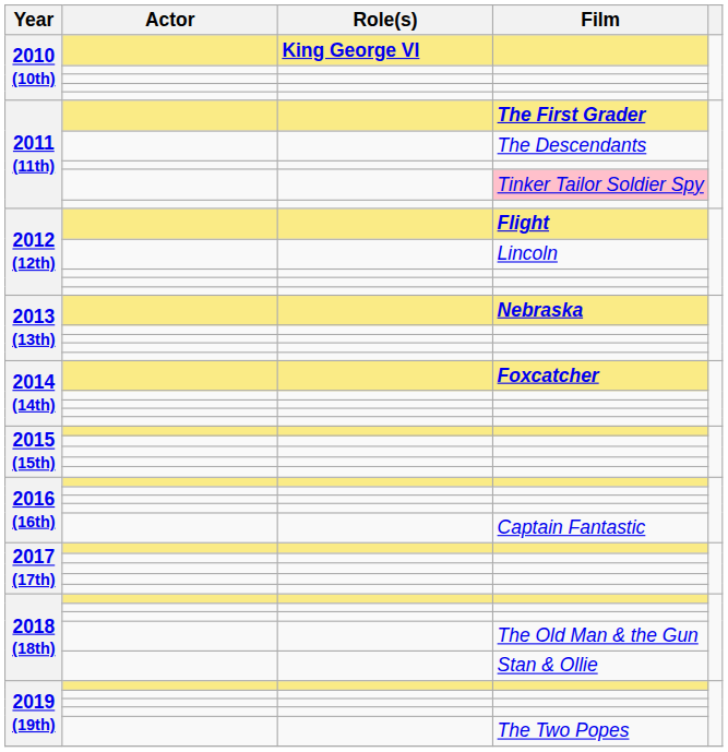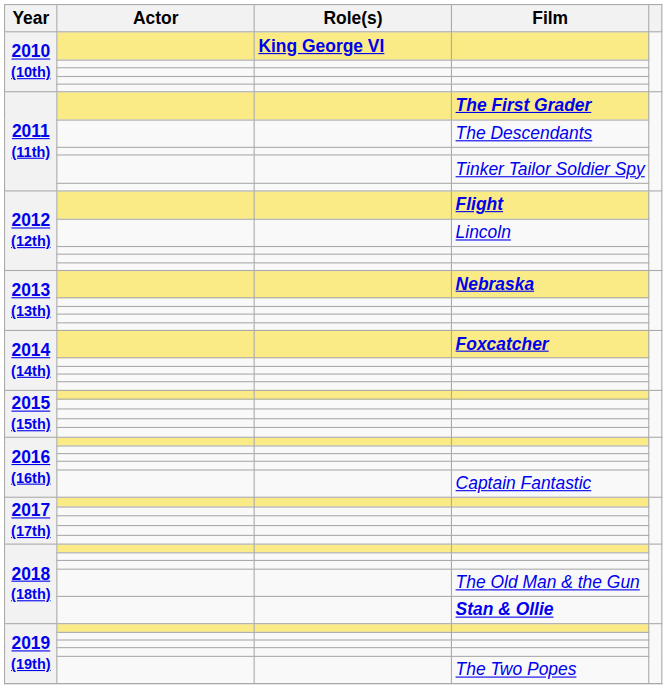 <table class="wikitable sortable">
 <tr>
 <th scope="col" style="width:8%;">Year</th>
 <th scope="col" style="width:30%;">Actor</th>
 <th scope="col" style="width:30%;">Role(s)</th>
 <th scope="col" style="width:30%;">Film</th>
 <th scope="col" style="width:2%;" class="unsortable"></th>
 </tr>
 <tr>
 <th scope="row" rowspan=5 style="text-align:center"><a href='#'>2010</a> <br><small><a href='#'>(10th)</a> </small></th>
 <td style="background:#FAEB86;"><strong></strong></td>
 <td style="background:#FAEB86;"><strong><a href='#'>King George VI</a></strong></td>
 <td style="background:#FAEB86;"><strong></strong></td>
 <td rowspan=5></td>
 </tr>
 <tr>
 <td></td>
 <td></td>
 <td></td>
 </tr>
 <tr>
 <td></td>
 <td></td>
 <td></td>
 </tr>
 <tr>
 <td></td>
 <td></td>
 <td></td>
 </tr>
 <tr>
 <td></td>
 <td></td>
 <td></td>
 </tr>
 <tr>
 <th scope="row" rowspan=5 style="text-align:center"><a href='#'>2011</a> <br><small><a href='#'>(11th)</a> </small></th>
 <td style="background:#FAEB86;"><strong></strong></td>
 <td style="background:#FAEB86;"><strong></strong></td>
 <td style="background:#FAEB86;"><strong><em><a href='#'>The First Grader</a></em></strong></td>
 <td rowspan=5></td>
 </tr>
 <tr>
 <td></td>
 <td></td>
 <td><em><a href='#'>The Descendants</a></em></td>
 </tr>
 <tr>
 <td></td>
 <td></td>
 <td></td>
 </tr>
 <tr>
 <td></td>
 <td></td>
-<td style="background: pink;"><em><a href='#'>Tinker Tailor Soldier Spy</a></em></td>
+<td><em><a href='#'>Tinker Tailor Soldier Spy</a></em></td>
 </tr>
 <tr>
 <td></td>
 <td></td>
 <td></td>
 </tr>
 <tr>
 <th scope="row" rowspan=5 style="text-align:center"><a href='#'>2012</a> <br><small><a href='#'>(12th)</a> </small></th>
 <td style="background:#FAEB86;"><strong></strong></td>
 <td style="background:#FAEB86;"><strong></strong></td>
 <td style="background:#FAEB86;"><strong><em><a href='#'>Flight</a></em></strong></td>
 <td rowspan=5></td>
 </tr>
 <tr>
 <td></td>
 <td></td>
 <td><em><a href='#'>Lincoln</a></em></td>
 </tr>
 <tr>
 <td></td>
 <td></td>
 <td></td>
 </tr>
 <tr>
 <td></td>
 <td></td>
 <td></td>
 </tr>
 <tr>
 <td></td>
 <td></td>
 <td></td>
 </tr>
 <tr>
 <th scope="row" rowspan=5 style="text-align:center"><a href='#'>2013</a> <br><small><a href='#'>(13th)</a> </small></th>
 <td style="background:#FAEB86;"><strong></strong></td>
 <td style="background:#FAEB86;"><strong></strong></td>
 <td style="background:#FAEB86;"><strong><em><a href='#'>Nebraska</a></em></strong></td>
 <td rowspan=5></td>
 </tr>
 <tr>
 <td></td>
 <td></td>
 <td></td>
 </tr>
 <tr>
 <td></td>
 <td></td>
 <td></td>
 </tr>
 <tr>
 <td></td>
 <td></td>
 <td></td>
 </tr>
 <tr>
 <td></td>
 <td></td>
 <td></td>
 </tr>
 <tr>
 <th scope="row" rowspan=5 style="text-align:center"><a href='#'>2014</a> <br><small><a href='#'>(14th)</a> </small></th>
 <td style="background:#FAEB86;"><strong></strong></td>
 <td style="background:#FAEB86;"><strong></strong></td>
 <td style="background:#FAEB86;"><strong><em><a href='#'>Foxcatcher</a></em></strong></td>
 <td rowspan=5></td>
 </tr>
 <tr>
 <td></td>
 <td></td>
 <td></td>
 </tr>
 <tr>
 <td></td>
 <td></td>
 <td></td>
 </tr>
 <tr>
 <td></td>
 <td></td>
 <td></td>
 </tr>
 <tr>
 <td></td>
 <td></td>
 <td></td>
 </tr>
 <tr>
 <th scope="row" rowspan=5 style="text-align:center"><a href='#'>2015</a> <br><small><a href='#'>(15th)</a> </small></th>
 <td style="background:#FAEB86;"><strong></strong></td>
 <td style="background:#FAEB86;"><strong></strong></td>
 <td style="background:#FAEB86;"><strong></strong></td>
 <td rowspan=5></td>
 </tr>
 <tr>
 <td></td>
 <td></td>
 <td></td>
 </tr>
 <tr>
 <td></td>
 <td></td>
 <td></td>
 </tr>
 <tr>
 <td></td>
 <td></td>
 <td></td>
 </tr>
 <tr>
 <td></td>
 <td></td>
 <td></td>
 </tr>
 <tr>
 <th scope="row" rowspan=5 style="text-align:center"><a href='#'>2016</a> <br><small><a href='#'>(16th)</a> </small></th>
 <td style="background:#FAEB86;"><strong></strong></td>
 <td style="background:#FAEB86;"><strong></strong></td>
 <td style="background:#FAEB86;"><strong></strong></td>
 <td rowspan=5></td>
 </tr>
 <tr>
 <td></td>
 <td></td>
 <td></td>
 </tr>
 <tr>
 <td></td>
 <td></td>
 <td></td>
 </tr>
 <tr>
 <td></td>
 <td></td>
 <td></td>
 </tr>
 <tr>
 <td></td>
 <td></td>
 <td><em><a href='#'>Captain Fantastic</a></em></td>
 </tr>
 <tr>
 <th scope="row" rowspan=5 style="text-align:center"><a href='#'>2017</a> <br><small><a href='#'>(17th)</a> </small></th>
 <td style="background:#FAEB86;"><strong></strong></td>
 <td style="background:#FAEB86;"><strong></strong></td>
 <td style="background:#FAEB86;"><strong></strong></td>
 <td rowspan=5></td>
 </tr>
 <tr>
 <td></td>
 <td></td>
 <td></td>
 </tr>
 <tr>
 <td></td>
 <td></td>
 <td></td>
 </tr>
 <tr>
 <td></td>
 <td></td>
 <td></td>
 </tr>
 <tr>
 <td></td>
 <td></td>
 <td></td>
 </tr>
 <tr>
 <th scope="row" rowspan=5 style="text-align:center"><a href='#'>2018</a> <br><small><a href='#'>(18th)</a> </small></th>
 <td style="background:#FAEB86;"><strong></strong></td>
 <td style="background:#FAEB86;"><strong></strong></td>
 <td style="background:#FAEB86;"><strong></strong></td>
 <td rowspan=5></td>
 </tr>
 <tr>
 <td></td>
 <td></td>
 <td></td>
 </tr>
 <tr>
 <td></td>
 <td></td>
 <td></td>
 </tr>
 <tr>
 <td></td>
 <td></td>
 <td><em><a href='#'>The Old Man & the Gun</a></em></td>
 </tr>
 <tr>
 <td></td>
 <td></td>
-<td><em><a href='#'>Stan & Ollie</a></em></td>
+<td><strong><em><a href='#'>Stan & Ollie</a></em></strong></td>
 </tr>
 <tr>
 <th scope="row" rowspan=5 style="text-align:center"><a href='#'>2019</a> <br><small><a href='#'>(19th)</a> </small></th>
 <td style="background:#FAEB86;"><strong></strong></td>
 <td style="background:#FAEB86;"><strong></strong></td>
 <td style="background:#FAEB86;"><strong></strong></td>
 <td rowspan=5></td>
 </tr>
 <tr>
 <td></td>
 <td></td>
 <td></td>
 </tr>
 <tr>
 <td></td>
 <td></td>
 <td></td>
 </tr>
 <tr>
 <td></td>
 <td></td>
 <td></td>
 </tr>
 <tr>
 <td></td>
 <td></td>
 <td><em><a href='#'>The Two Popes</a></em></td>
 </tr>
 <tr>
 </tr>
 </table>
